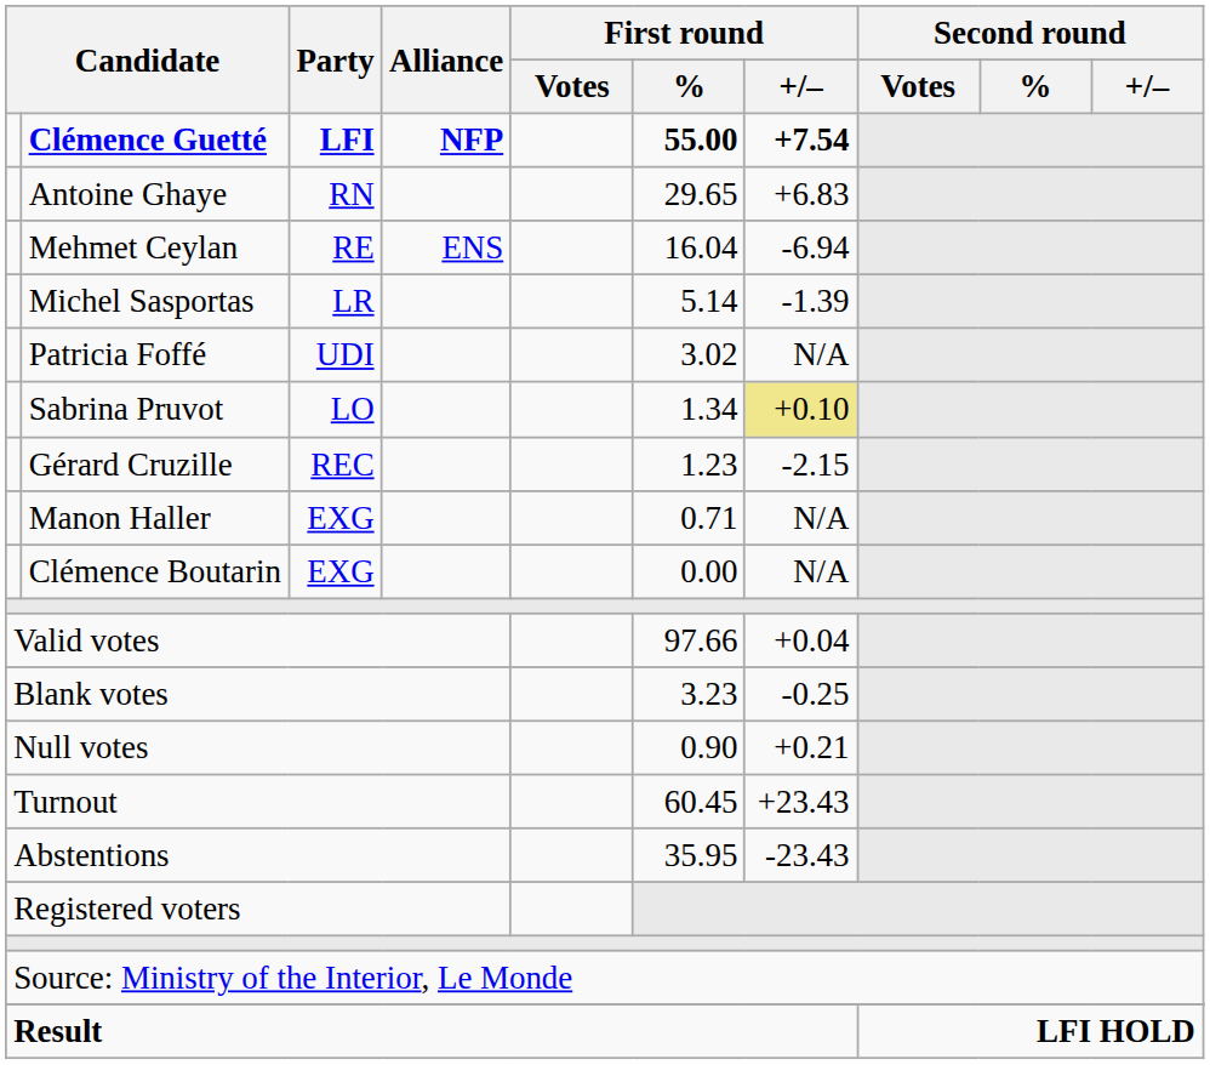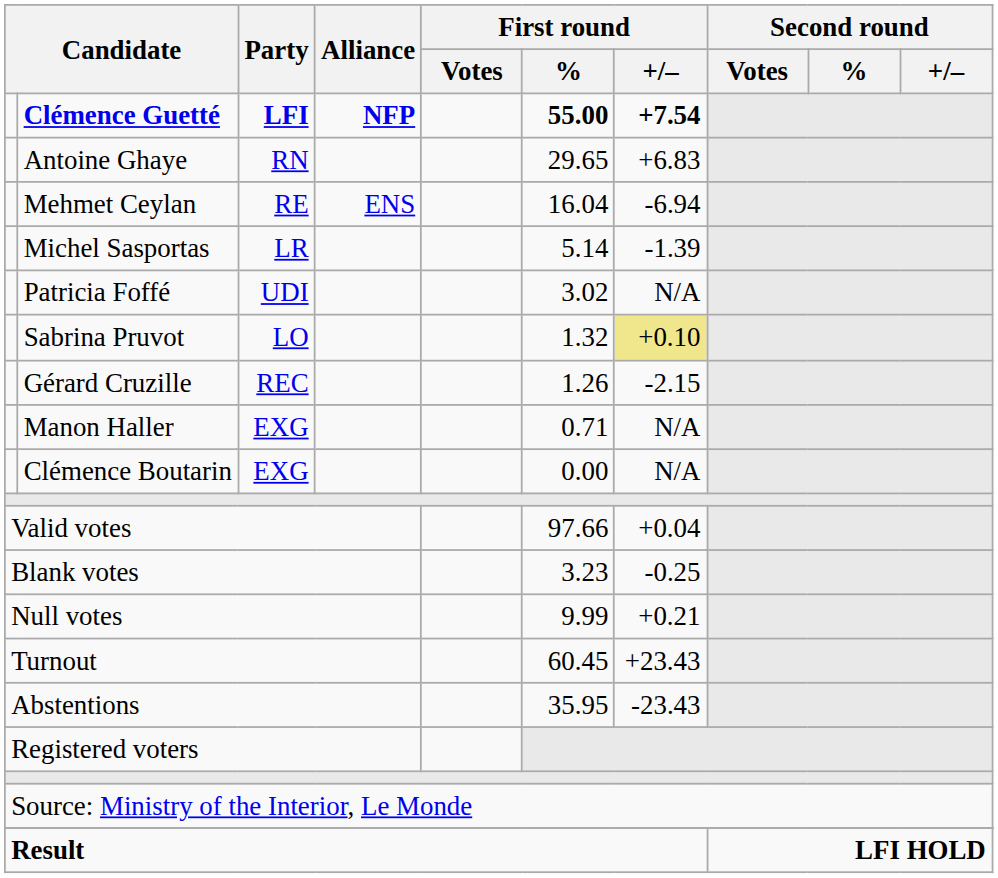 <table class="wikitable" style="text-align:right;font-size:95%;">
 <tr>
 <th rowspan="2" colspan="2">Candidate</th>
 <th rowspan="2">Party</th>
 <th rowspan="2">Alliance</th>
 <th colspan="3">First round</th>
 <th colspan="3">Second round</th>
 </tr>
 <tr>
 <th style="width:50px;">Votes</th>
 <th style="width:45px;">%</th>
 <th style="width:45px;">+/–</th>
 <th style="width:50px;">Votes</th>
 <th style="width:45px;">%</th>
 <th style="width:45px;">+/–</th>
 </tr>
 <tr>
 <td style="color:inherit;background:"></td>
 <td style="text-align:left;"><strong><a href='#'>Clémence Guetté</a></strong></td>
 <td><a href='#'><strong>LFI</strong></a></td>
 <td><a href='#'><strong>NFP</strong></a></td>
 <td><strong></strong></td>
 <td><strong>55.00</strong></td>
 <td><strong>+7.54</strong></td>
 <td colspan="3" style="background:#E9E9E9;"></td>
 </tr>
 <tr>
 <td style="color:inherit;background:"></td>
 <td style="text-align:left;">Antoine Ghaye</td>
 <td><a href='#'>RN</a></td>
 <td></td>
 <td></td>
 <td>29.65</td>
 <td>+6.83</td>
 <td colspan="3" style="background:#E9E9E9;"></td>
 </tr>
 <tr>
 <td style="color:inherit;background:"></td>
 <td style="text-align:left;">Mehmet Ceylan</td>
 <td><a href='#'>RE</a></td>
 <td><a href='#'>ENS</a></td>
 <td></td>
 <td>16.04</td>
 <td>-6.94</td>
 <td colspan="3" style="background:#E9E9E9;"></td>
 </tr>
 <tr>
 <td style="color:inherit;background:"></td>
 <td style="text-align:left;">Michel Sasportas</td>
 <td><a href='#'>LR</a></td>
 <td></td>
 <td></td>
 <td>5.14</td>
 <td>-1.39</td>
 <td colspan="3" style="background:#E9E9E9;"></td>
 </tr>
 <tr>
 <td style="color:inherit;background:"></td>
 <td style="text-align:left;">Patricia Foffé</td>
 <td><a href='#'>UDI</a></td>
 <td></td>
 <td></td>
 <td>3.02</td>
 <td>N/A</td>
 <td colspan="3" style="background:#E9E9E9;"></td>
 </tr>
 <tr>
 <td style="color:inherit;background:"></td>
 <td style="text-align:left;">Sabrina Pruvot</td>
 <td><a href='#'>LO</a></td>
 <td></td>
 <td></td>
-<td>1.34</td>
+<td>1.32</td>
 <td style="background: khaki;">+0.10</td>
 <td colspan="3" style="background:#E9E9E9;"></td>
 </tr>
 <tr>
 <td style="color:inherit;background:"></td>
 <td style="text-align:left;">Gérard Cruzille</td>
 <td><a href='#'>REC</a></td>
 <td></td>
 <td></td>
-<td>1.23</td>
+<td>1.26</td>
 <td>-2.15</td>
 <td colspan="3" style="background:#E9E9E9;"></td>
 </tr>
 <tr>
 <td style="color:inherit;background:"></td>
 <td style="text-align:left;">Manon Haller</td>
 <td><a href='#'>EXG</a></td>
 <td></td>
 <td></td>
 <td>0.71</td>
 <td>N/A</td>
 <td colspan="3" style="background:#E9E9E9;"></td>
 </tr>
 <tr>
 <td style="color:inherit;background:"></td>
 <td style="text-align:left;">Clémence Boutarin</td>
 <td><a href='#'>EXG</a></td>
 <td></td>
 <td></td>
 <td>0.00</td>
 <td>N/A</td>
 <td colspan="3" style="background:#E9E9E9;"></td>
 </tr>
 <tr>
 <td colspan="10" style="background:#E9E9E9;"></td>
 </tr>
 <tr>
 <td colspan="4" style="text-align:left;">Valid votes</td>
 <td></td>
 <td>97.66</td>
 <td>+0.04</td>
 <td colspan="3" style="background:#E9E9E9;"></td>
 </tr>
 <tr>
 <td colspan="4" style="text-align:left;">Blank votes</td>
 <td></td>
 <td>3.23</td>
 <td>-0.25</td>
 <td colspan="3" style="background:#E9E9E9;"></td>
 </tr>
 <tr>
 <td colspan="4" style="text-align:left;">Null votes</td>
 <td></td>
-<td>0.90</td>
+<td>9.99</td>
 <td>+0.21</td>
 <td colspan="3" style="background:#E9E9E9;"></td>
 </tr>
 <tr>
 <td colspan="4" style="text-align:left;">Turnout</td>
 <td></td>
 <td>60.45</td>
 <td>+23.43</td>
 <td colspan="3" style="background:#E9E9E9;"></td>
 </tr>
 <tr>
 <td colspan="4" style="text-align:left;">Abstentions</td>
 <td></td>
 <td>35.95</td>
 <td>-23.43</td>
 <td colspan="3" style="background:#E9E9E9;"></td>
 </tr>
 <tr>
 <td colspan="4" style="text-align:left;">Registered voters</td>
 <td></td>
 <td colspan="5" style="background:#E9E9E9;"></td>
 </tr>
 <tr>
 <td colspan="10" style="background:#E9E9E9;"></td>
 </tr>
 <tr>
 <td colspan="10" style="text-align:left;">Source: <a href='#'>Ministry of the Interior</a>, <a href='#'>Le Monde</a></td>
 </tr>
 <tr>
 </tr>
 <tr style="font-weight:bold">
 <td colspan="7" style="text-align:left;">Result</td>
 <td colspan="7" style="background-color:">LFI HOLD</td>
 </tr>
 </table>
